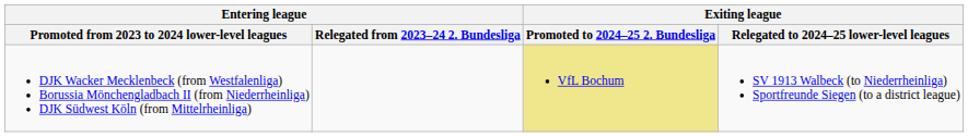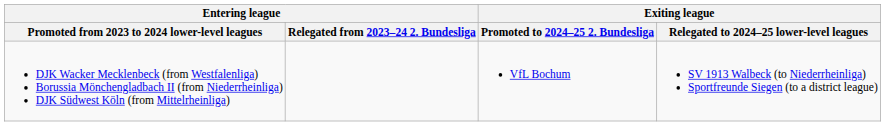 <table class="wikitable">
 <tr>
 <th colspan="2">Entering league</th>
 <th colspan="3">Exiting league</th>
 </tr>
 <tr>
 <th>Promoted from 2023 to 2024 lower-level leagues</th>
 <th>Relegated from <a href='#'>2023–24 2. Bundesliga</a></th>
 <th>Promoted to <a href='#'>2024–25 2. Bundesliga</a></th>
 <th colspan=2>Relegated to 2024–25 lower-level leagues</th>
 </tr>
 <tr style="vertical-align:top;">
 <td><br><ul><li><a href='#'>DJK Wacker Mecklenbeck</a> (from <a href='#'>Westfalenliga</a>)</li><li><a href='#'>Borussia Mönchengladbach II</a> (from <a href='#'>Niederrheinliga</a>)</li><li><a href='#'>DJK Südwest Köln</a> (from <a href='#'>Mittelrheinliga</a>)</li></ul></td>
 <td></td>
-<td style="background: khaki;"><br><ul><li><a href='#'>VfL Bochum</a></li></ul></td>
+<td><br><ul><li><a href='#'>VfL Bochum</a></li></ul></td>
 <td><br><ul><li><a href='#'>SV 1913 Walbeck</a> (to <a href='#'>Niederrheinliga</a>)</li><li><a href='#'>Sportfreunde Siegen⁠</a> (to a district league)</li></ul></td>
 </tr>
 </table>
